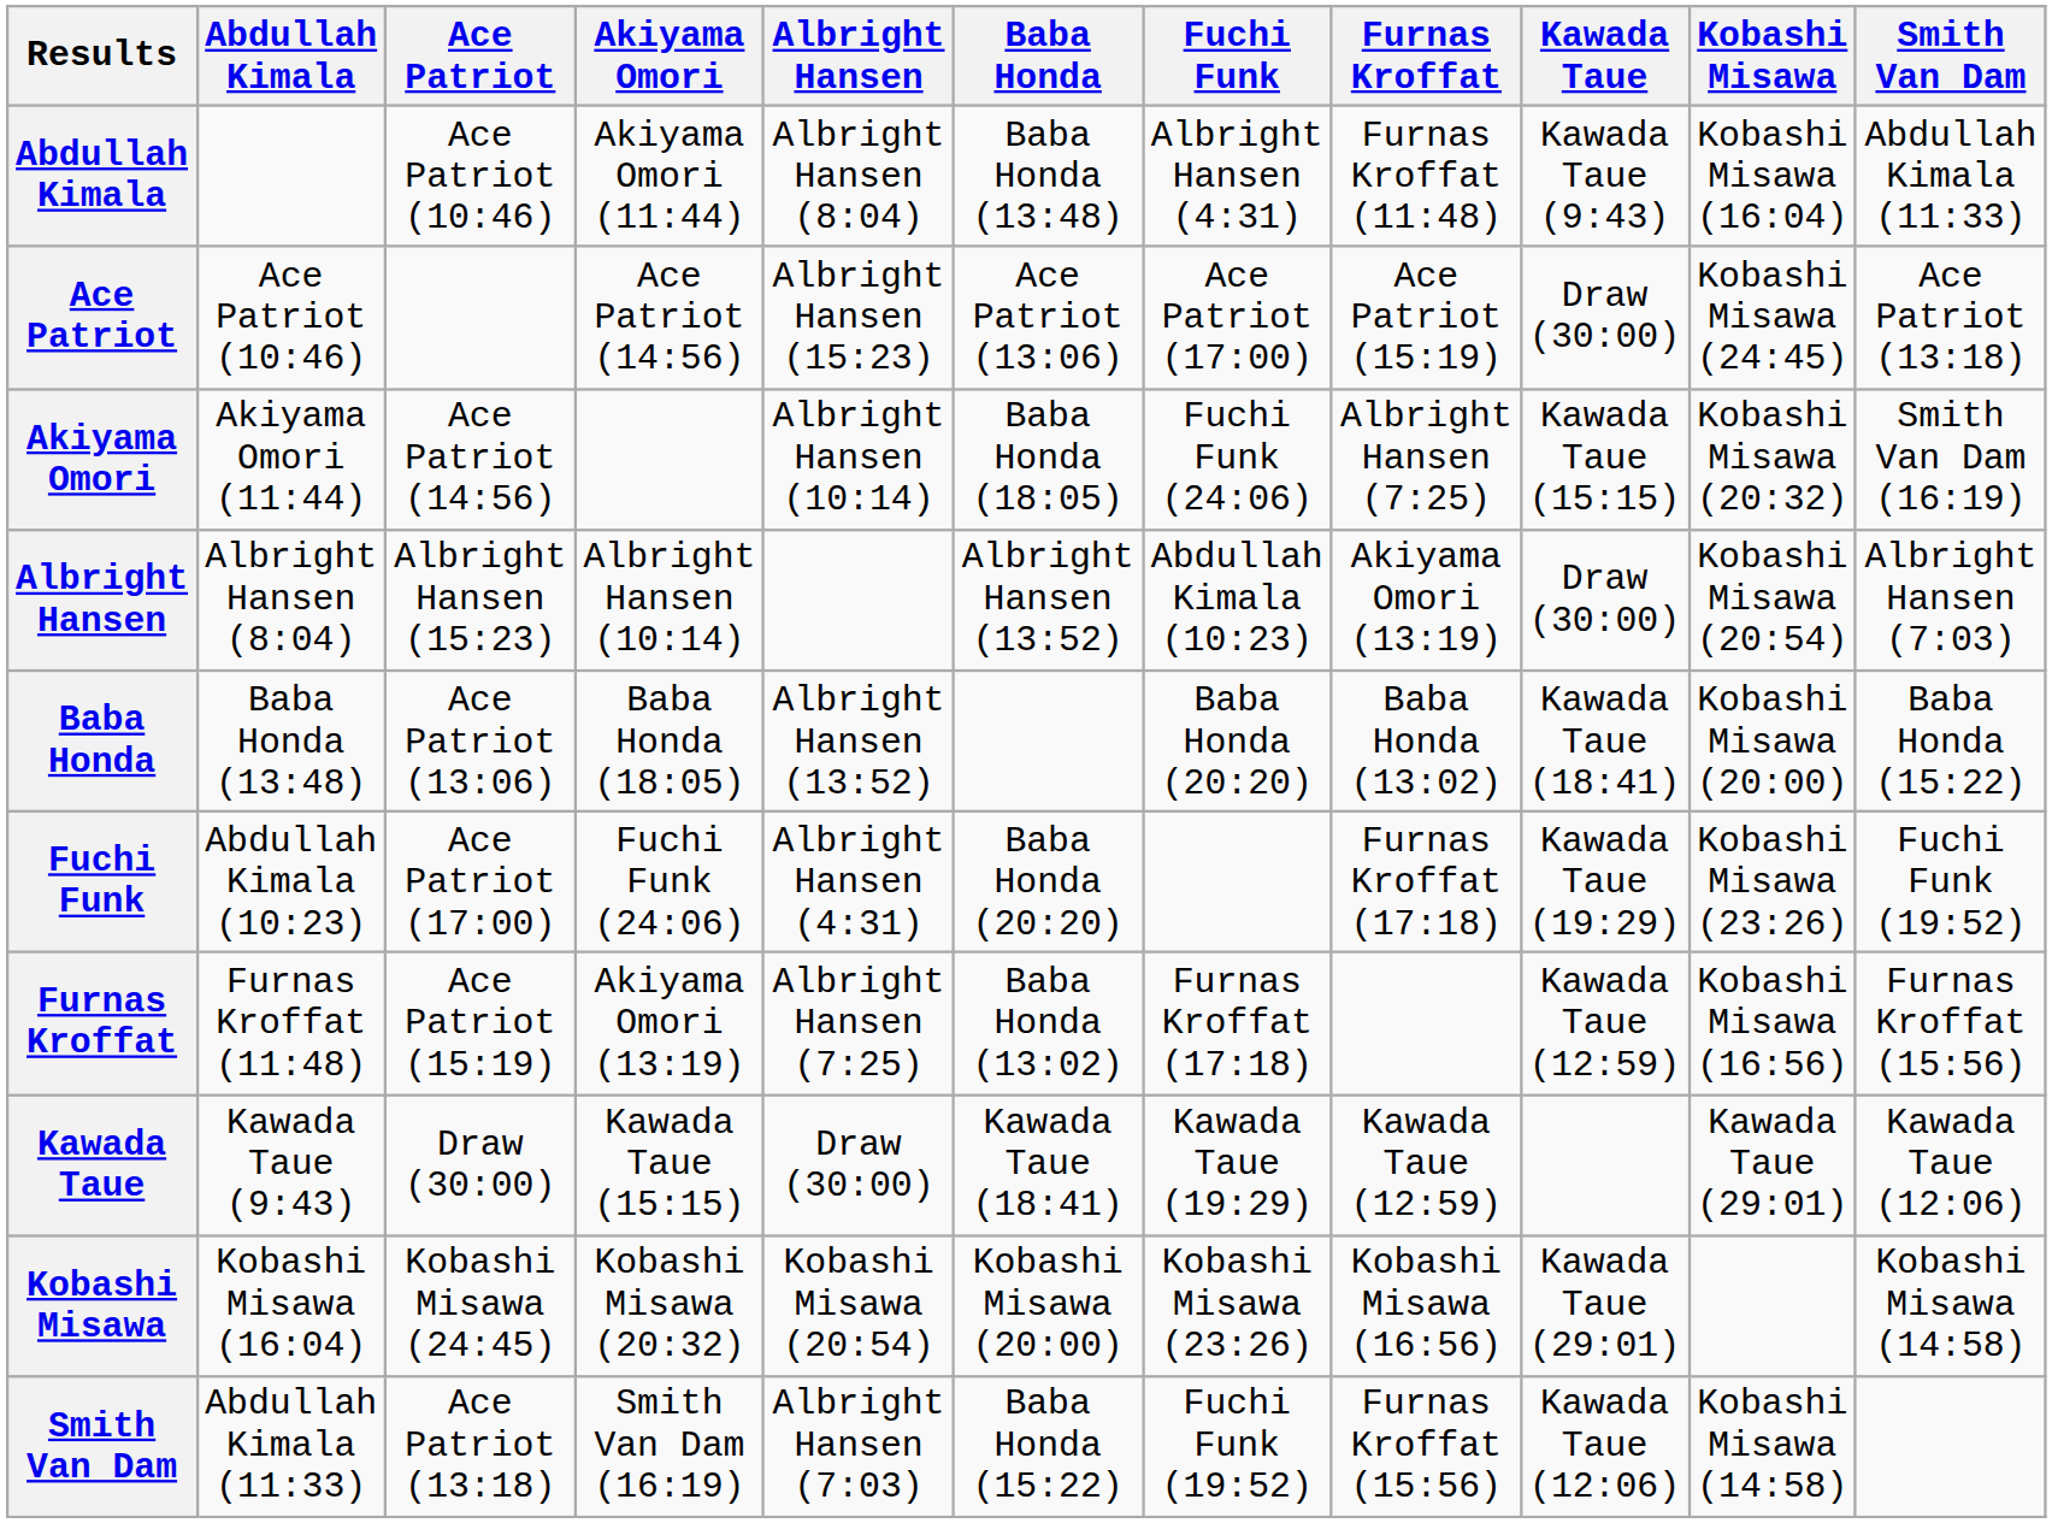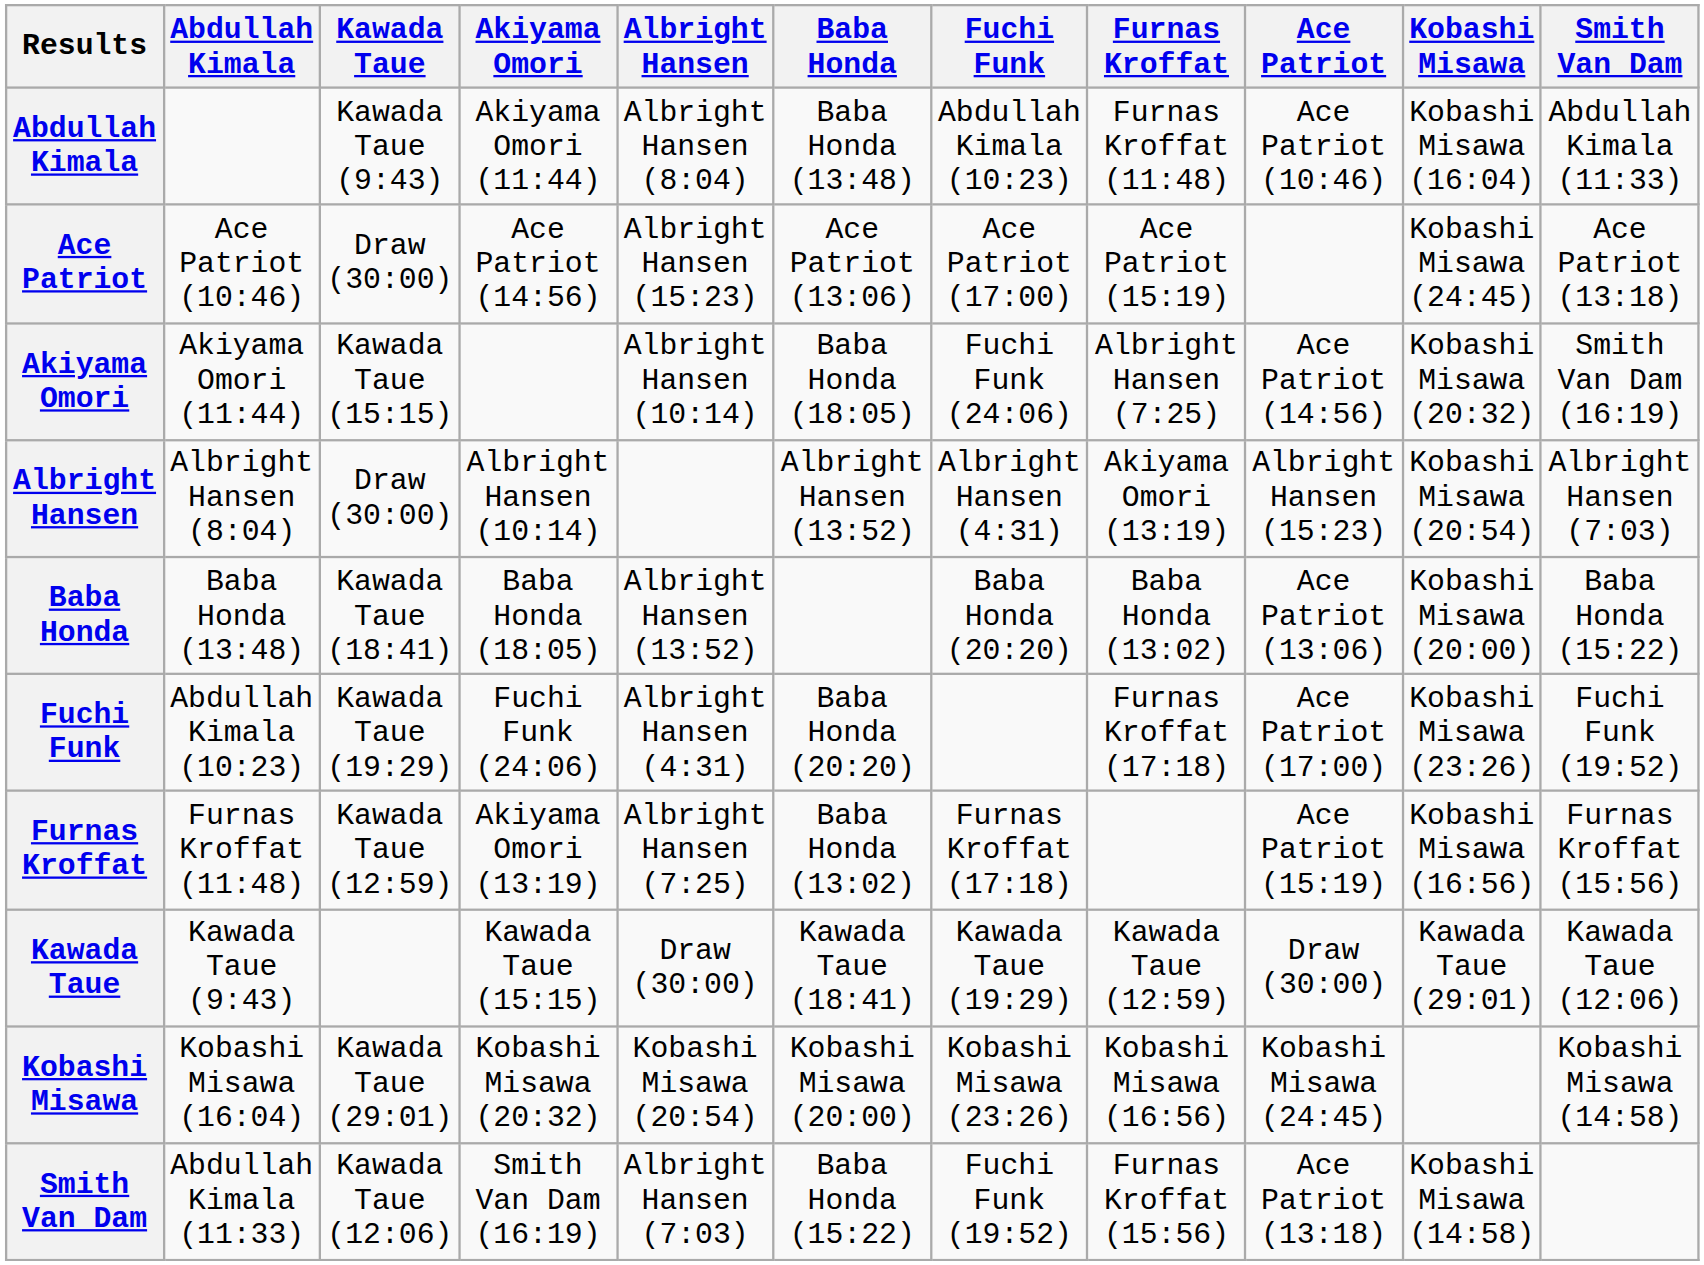 <table class="wikitable" style="text-align:center; margin: 1em auto 1em auto">
 <tr>
 <th>Results</th>
 <th><a href='#'>Abdullah</a><br><a href='#'>Kimala</a></th>
-<th><a href='#'>Ace</a><br><a href='#'>Patriot</a></th>
+<th><a href='#'>Kawada</a><br><a href='#'>Taue</a></th>
 <th><a href='#'>Akiyama</a><br><a href='#'>Omori</a></th>
 <th><a href='#'>Albright</a><br><a href='#'>Hansen</a></th>
 <th><a href='#'>Baba</a><br><a href='#'>Honda</a></th>
 <th><a href='#'>Fuchi</a><br><a href='#'>Funk</a></th>
 <th><a href='#'>Furnas</a><br><a href='#'>Kroffat</a></th>
-<th><a href='#'>Kawada</a><br><a href='#'>Taue</a></th>
+<th><a href='#'>Ace</a><br><a href='#'>Patriot</a></th>
 <th><a href='#'>Kobashi</a><br><a href='#'>Misawa</a></th>
 <th><a href='#'>Smith</a><br><a href='#'>Van Dam</a></th>
 </tr>
 <tr>
 <th><a href='#'>Abdullah</a><br><a href='#'>Kimala</a></th>
 <td></td>
-<td>Ace<br>Patriot<br>(10:46)</td>
+<td>Kawada<br>Taue<br>(9:43)</td>
 <td>Akiyama<br>Omori<br>(11:44)</td>
 <td>Albright<br>Hansen<br>(8:04)</td>
 <td>Baba<br>Honda<br>(13:48)</td>
-<td>Albright<br>Hansen<br>(4:31)</td>
+<td>Abdullah<br>Kimala<br>(10:23)</td>
 <td>Furnas<br>Kroffat<br>(11:48)</td>
-<td>Kawada<br>Taue<br>(9:43)</td>
+<td>Ace<br>Patriot<br>(10:46)</td>
 <td>Kobashi<br>Misawa<br>(16:04)</td>
 <td>Abdullah<br>Kimala<br>(11:33)</td>
 </tr>
 <tr>
 <th><a href='#'>Ace</a><br><a href='#'>Patriot</a></th>
 <td>Ace<br>Patriot<br>(10:46)</td>
-<td></td>
+<td>Draw<br>(30:00)</td>
 <td>Ace<br>Patriot<br>(14:56)</td>
 <td>Albright<br>Hansen<br>(15:23)</td>
 <td>Ace<br>Patriot<br>(13:06)</td>
 <td>Ace<br>Patriot<br>(17:00)</td>
 <td>Ace<br>Patriot<br>(15:19)</td>
-<td>Draw<br>(30:00)</td>
+<td></td>
 <td>Kobashi<br>Misawa<br>(24:45)</td>
 <td>Ace<br>Patriot<br>(13:18)</td>
 </tr>
 <tr>
 <th><a href='#'>Akiyama</a><br><a href='#'>Omori</a></th>
 <td>Akiyama<br>Omori<br>(11:44)</td>
-<td>Ace<br>Patriot<br>(14:56)</td>
+<td>Kawada<br>Taue<br>(15:15)</td>
 <td></td>
 <td>Albright<br>Hansen<br>(10:14)</td>
 <td>Baba<br>Honda<br>(18:05)</td>
 <td>Fuchi<br>Funk<br>(24:06)</td>
 <td>Albright<br>Hansen<br>(7:25)</td>
-<td>Kawada<br>Taue<br>(15:15)</td>
+<td>Ace<br>Patriot<br>(14:56)</td>
 <td>Kobashi<br>Misawa<br>(20:32)</td>
 <td>Smith<br>Van Dam<br>(16:19)</td>
 </tr>
 <tr>
 <th><a href='#'>Albright</a><br><a href='#'>Hansen</a></th>
 <td>Albright<br>Hansen<br>(8:04)</td>
-<td>Albright<br>Hansen<br>(15:23)</td>
+<td>Draw<br>(30:00)</td>
 <td>Albright<br>Hansen<br>(10:14)</td>
 <td></td>
 <td>Albright<br>Hansen<br>(13:52)</td>
-<td>Abdullah<br>Kimala<br>(10:23)</td>
+<td>Albright<br>Hansen<br>(4:31)</td>
 <td>Akiyama<br>Omori<br>(13:19)</td>
-<td>Draw<br>(30:00)</td>
+<td>Albright<br>Hansen<br>(15:23)</td>
 <td>Kobashi<br>Misawa<br>(20:54)</td>
 <td>Albright<br>Hansen<br>(7:03)</td>
 </tr>
 <tr>
 <th><a href='#'>Baba</a><br><a href='#'>Honda</a></th>
 <td>Baba<br>Honda<br>(13:48)</td>
-<td>Ace<br>Patriot<br>(13:06)</td>
+<td>Kawada<br>Taue<br>(18:41)</td>
 <td>Baba<br>Honda<br>(18:05)</td>
 <td>Albright<br>Hansen<br>(13:52)</td>
 <td></td>
 <td>Baba<br>Honda<br>(20:20)</td>
 <td>Baba<br>Honda<br>(13:02)</td>
-<td>Kawada<br>Taue<br>(18:41)</td>
+<td>Ace<br>Patriot<br>(13:06)</td>
 <td>Kobashi<br>Misawa<br>(20:00)</td>
 <td>Baba<br>Honda<br>(15:22)</td>
 </tr>
 <tr>
 <th><a href='#'>Fuchi</a><br><a href='#'>Funk</a></th>
 <td>Abdullah<br>Kimala<br>(10:23)</td>
-<td>Ace<br>Patriot<br>(17:00)</td>
+<td>Kawada<br>Taue<br>(19:29)</td>
 <td>Fuchi<br>Funk<br>(24:06)</td>
 <td>Albright<br>Hansen<br>(4:31)</td>
 <td>Baba<br>Honda<br>(20:20)</td>
 <td></td>
 <td>Furnas<br>Kroffat<br>(17:18)</td>
-<td>Kawada<br>Taue<br>(19:29)</td>
+<td>Ace<br>Patriot<br>(17:00)</td>
 <td>Kobashi<br>Misawa<br>(23:26)</td>
 <td>Fuchi<br>Funk<br>(19:52)</td>
 </tr>
 <tr>
 <th><a href='#'>Furnas</a><br><a href='#'>Kroffat</a></th>
 <td>Furnas<br>Kroffat<br>(11:48)</td>
-<td>Ace<br>Patriot<br>(15:19)</td>
+<td>Kawada<br>Taue<br>(12:59)</td>
 <td>Akiyama<br>Omori<br>(13:19)</td>
 <td>Albright<br>Hansen<br>(7:25)</td>
 <td>Baba<br>Honda<br>(13:02)</td>
 <td>Furnas<br>Kroffat<br>(17:18)</td>
 <td></td>
-<td>Kawada<br>Taue<br>(12:59)</td>
+<td>Ace<br>Patriot<br>(15:19)</td>
 <td>Kobashi<br>Misawa<br>(16:56)</td>
 <td>Furnas<br>Kroffat<br>(15:56)</td>
 </tr>
 <tr>
 <th><a href='#'>Kawada</a><br><a href='#'>Taue</a></th>
 <td>Kawada<br>Taue<br>(9:43)</td>
-<td>Draw<br>(30:00)</td>
+<td></td>
 <td>Kawada<br>Taue<br>(15:15)</td>
 <td>Draw<br>(30:00)</td>
 <td>Kawada<br>Taue<br>(18:41)</td>
 <td>Kawada<br>Taue<br>(19:29)</td>
 <td>Kawada<br>Taue<br>(12:59)</td>
-<td></td>
+<td>Draw<br>(30:00)</td>
 <td>Kawada<br>Taue<br>(29:01)</td>
 <td>Kawada<br>Taue<br>(12:06)</td>
 </tr>
 <tr>
 <th><a href='#'>Kobashi</a><br><a href='#'>Misawa</a></th>
 <td>Kobashi<br>Misawa<br>(16:04)</td>
-<td>Kobashi<br>Misawa<br>(24:45)</td>
+<td>Kawada<br>Taue<br>(29:01)</td>
 <td>Kobashi<br>Misawa<br>(20:32)</td>
 <td>Kobashi<br>Misawa<br>(20:54)</td>
 <td>Kobashi<br>Misawa<br>(20:00)</td>
 <td>Kobashi<br>Misawa<br>(23:26)</td>
 <td>Kobashi<br>Misawa<br>(16:56)</td>
-<td>Kawada<br>Taue<br>(29:01)</td>
+<td>Kobashi<br>Misawa<br>(24:45)</td>
 <td></td>
 <td>Kobashi<br>Misawa<br>(14:58)</td>
 </tr>
 <tr>
 <th><a href='#'>Smith</a><br><a href='#'>Van Dam</a></th>
 <td>Abdullah<br>Kimala<br>(11:33)</td>
-<td>Ace<br>Patriot<br>(13:18)</td>
+<td>Kawada<br>Taue<br>(12:06)</td>
 <td>Smith<br>Van Dam<br>(16:19)</td>
 <td>Albright<br>Hansen<br>(7:03)</td>
 <td>Baba<br>Honda<br>(15:22)</td>
 <td>Fuchi<br>Funk<br>(19:52)</td>
 <td>Furnas<br>Kroffat<br>(15:56)</td>
-<td>Kawada<br>Taue<br>(12:06)</td>
+<td>Ace<br>Patriot<br>(13:18)</td>
 <td>Kobashi<br>Misawa<br>(14:58)</td>
 <td></td>
 </tr>
 </table>
